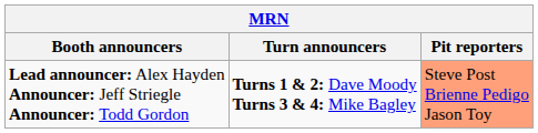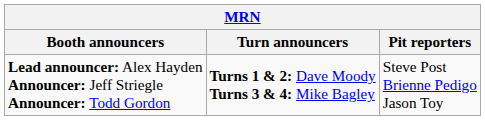 <table class="wikitable" style="font-size: 95%">
 <tr>
 <th colspan="3"><a href='#'>MRN</a></th>
 </tr>
 <tr>
 <th>Booth announcers</th>
 <th>Turn announcers</th>
 <th>Pit reporters</th>
 </tr>
 <tr>
 <td><strong>Lead announcer:</strong> Alex Hayden<br><strong>Announcer:</strong> Jeff Striegle<br><strong>Announcer:</strong> <a href='#'>Todd Gordon</a></td>
 <td><strong>Turns 1 & 2:</strong> <a href='#'>Dave Moody</a><br><strong>Turns 3 & 4:</strong> <a href='#'>Mike Bagley</a></td>
-<td style="background: lightsalmon;">Steve Post<br><a href='#'>Brienne Pedigo</a><br>Jason Toy</td>
+<td>Steve Post<br><a href='#'>Brienne Pedigo</a><br>Jason Toy</td>
 </tr>
 </table>
